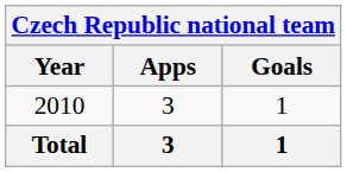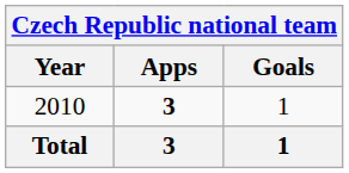 <table class="wikitable" style="text-align:center">
 <tr>
 <th colspan=3><a href='#'>Czech Republic national team</a></th>
 </tr>
 <tr>
 <th>Year</th>
 <th>Apps</th>
 <th>Goals</th>
 </tr>
 <tr>
 <td>2010</td>
-<td>3</td>
+<td><strong>3</strong></td>
 <td>1</td>
 </tr>
 <tr>
 <th>Total</th>
 <th>3</th>
 <th>1</th>
 </tr>
 </table>
